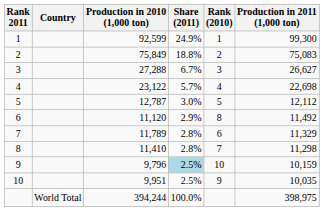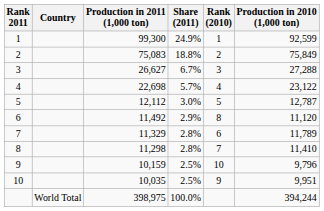 <table class="wikitable sortable">
 <tr>
 <th>Rank<br>2011</th>
 <th>Country</th>
-<th>Production in 2010<br>(1,000 ton)</th>
+<th>Production in 2011<br>(1,000 ton)</th>
 <th>Share<br>(2011)</th>
 <th>Rank<br>(2010)</th>
-<th>Production in 2011<br>(1,000 ton)</th>
+<th>Production in 2010<br>(1,000 ton)</th>
 </tr>
 <tr>
 <td align=center>1</td>
 <td></td>
-<td align=right>92,599</td>
+<td align=right>99,300</td>
 <td align=right>24.9%</td>
 <td align=center>1</td>
-<td align=right>99,300</td>
+<td align=right>92,599</td>
 </tr>
 <tr>
 <td align=center>2</td>
 <td></td>
-<td align=right>75,849</td>
+<td align=right>75,083</td>
 <td align=right>18.8%</td>
 <td align=center>2</td>
-<td align=right>75,083</td>
+<td align=right>75,849</td>
 </tr>
 <tr>
 <td align=center>3</td>
 <td></td>
-<td align=right>27,288</td>
+<td align=right>26,627</td>
 <td align=right>6.7%</td>
 <td align=center>3</td>
-<td align=right>26,627</td>
+<td align=right>27,288</td>
 </tr>
 <tr o98>
 <td align=center>4</td>
 <td></td>
-<td align=right>23,122</td>
+<td align=right>22,698</td>
 <td align=right>5.7%</td>
 <td align=center>4</td>
-<td align=right>22,698</td>
+<td align=right>23,122</td>
 </tr>
 <tr>
 <td align=center>5</td>
 <td></td>
-<td align=right>12,787</td>
+<td align=right>12,112</td>
 <td align=right>3.0%</td>
 <td align=center>5</td>
-<td align=right>12,112</td>
+<td align=right>12,787</td>
 </tr>
 <tr>
 <td align=center>6</td>
 <td></td>
-<td align=right>11,120</td>
+<td align=right>11,492</td>
 <td align=right>2.9%</td>
 <td align=center>8</td>
-<td align=right>11,492</td>
+<td align=right>11,120</td>
 </tr>
 <tr>
 <td align=center>7</td>
 <td></td>
-<td align=right>11,789</td>
+<td align=right>11,329</td>
 <td align=right>2.8%</td>
 <td align=center>6</td>
-<td align=right>11,329</td>
+<td align=right>11,789</td>
 </tr>
 <tr>
 <td align=center>8</td>
 <td></td>
-<td align=right>11,410</td>
+<td align=right>11,298</td>
 <td align=right>2.8%</td>
 <td align=center>7</td>
-<td align=right>11,298</td>
+<td align=right>11,410</td>
 </tr>
 <tr>
 <td align=center>9</td>
 <td></td>
+<td align=right>10,159</td>
+<td align=right>2.5%</td>
+<td align=center>10</td>
 <td align=right>9,796</td>
-<td align=right style="background: lightblue;">2.5%</td>
-<td align=center>10</td>
-<td align=right>10,159</td>
 </tr>
 <tr>
 <td align=center>10</td>
 <td></td>
-<td align=right>9,951</td>
+<td align=right>10,035</td>
 <td align=right>2.5%</td>
 <td align=center>9</td>
-<td align=right>10,035</td>
+<td align=right>9,951</td>
 </tr>
 <tr>
 <td>　</td>
 <td align=center>World Total</td>
-<td align=right>394,244</td>
+<td align=right>398,975</td>
 <td align=right>100.0%</td>
 <td align=center>　</td>
-<td align=right>398,975</td>
+<td align=right>394,244</td>
 </tr>
 </table>
